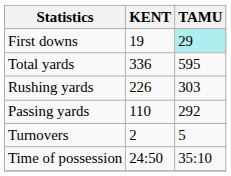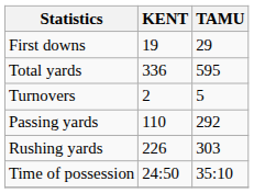 <table class="wikitable" style="float: left;">
 <tr>
 <th>Statistics</th>
 <th>KENT</th>
 <th>TAMU</th>
 </tr>
 <tr>
 <td>First downs</td>
 <td>19</td>
-<td style="background: paleturquoise;">29</td>
+<td>29</td>
 </tr>
 <tr>
 <td>Total yards</td>
 <td>336</td>
 <td>595</td>
 </tr>
 <tr>
-<td>Rushing yards</td>
-<td>226</td>
-<td>303</td>
+<td>Turnovers</td>
+<td>2</td>
+<td>5</td>
 </tr>
 <tr>
 <td>Passing yards</td>
 <td>110</td>
 <td>292</td>
 </tr>
 <tr>
-<td>Turnovers</td>
-<td>2</td>
-<td>5</td>
+<td>Rushing yards</td>
+<td>226</td>
+<td>303</td>
 </tr>
 <tr>
 <td>Time of possession</td>
 <td>24:50</td>
 <td>35:10</td>
 </tr>
 <tr>
 </tr>
 </table>
